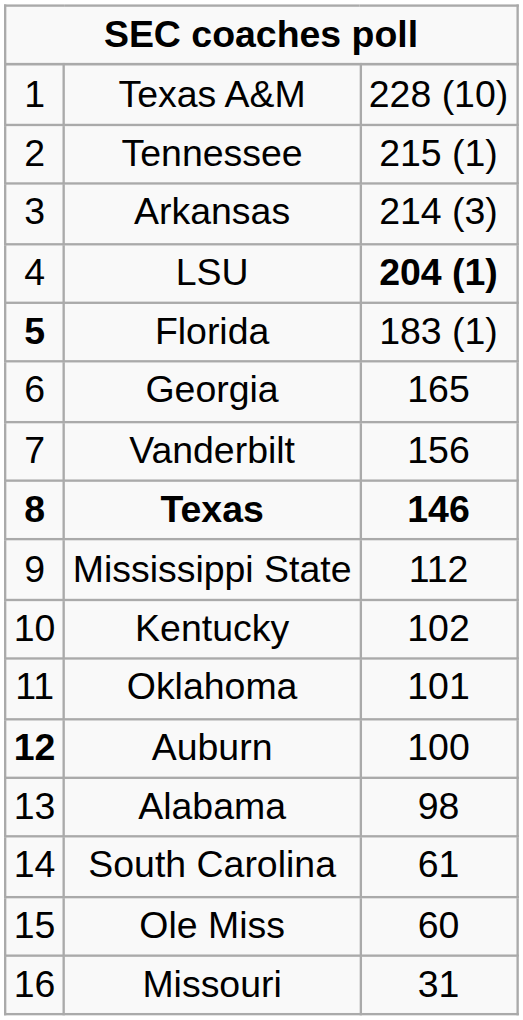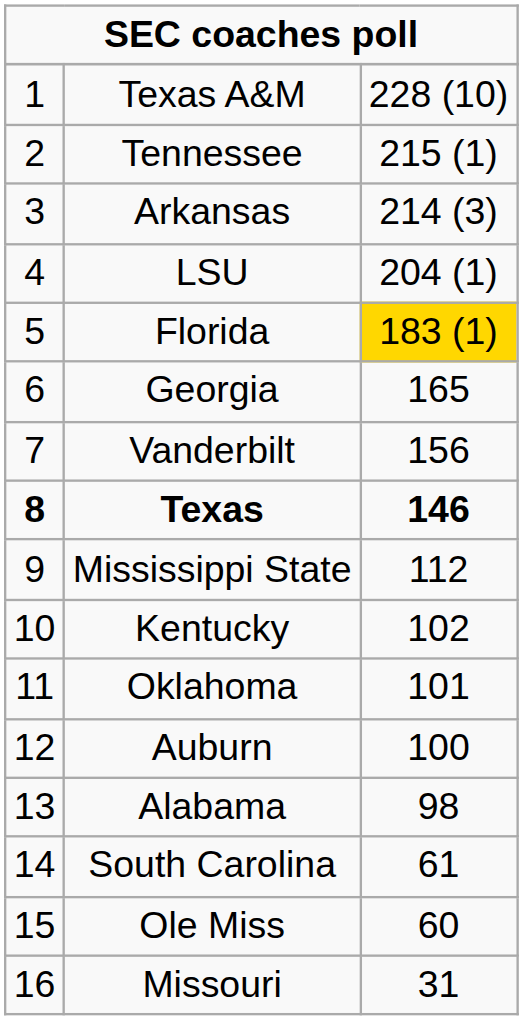 <table class="wikitable" style="display: inline-table;">
 <tr>
 <td align="center" Colspan="3"><strong>SEC coaches poll</strong></td>
 </tr>
 <tr align="center">
 </tr>
 <tr align="center">
 <td>1</td>
 <td>Texas A&M</td>
 <td>228 (10)</td>
 </tr>
 <tr align="center">
 <td>2</td>
 <td>Tennessee</td>
 <td>215 (1)</td>
 </tr>
 <tr align="center">
 <td>3</td>
 <td>Arkansas</td>
 <td>214 (3)</td>
 </tr>
 <tr align="center">
 <td>4</td>
 <td>LSU</td>
-<td><strong>204 (1)</strong></td>
+<td>204 (1)</td>
 </tr>
 <tr align="center">
-<td><strong>5</strong></td>
+<td>5</td>
 <td>Florida</td>
-<td>183 (1)</td>
+<td style="background: gold;">183 (1)</td>
 </tr>
 <tr align="center">
 <td>6</td>
 <td>Georgia</td>
 <td>165</td>
 </tr>
 <tr align="center">
 <td>7</td>
 <td>Vanderbilt</td>
 <td>156</td>
 </tr>
 <tr align="center">
 <td><strong>8</strong></td>
 <td><strong>Texas</strong></td>
 <td><strong>146</strong></td>
 </tr>
 <tr align="center">
 <td>9</td>
 <td>Mississippi State</td>
 <td>112</td>
 </tr>
 <tr align="center">
 <td>10</td>
 <td>Kentucky</td>
 <td>102</td>
 </tr>
 <tr align="center">
 <td>11</td>
 <td>Oklahoma</td>
 <td>101</td>
 </tr>
 <tr align="center">
-<td><strong>12</strong></td>
+<td>12</td>
 <td>Auburn</td>
 <td>100</td>
 </tr>
 <tr align="center">
 <td>13</td>
 <td>Alabama</td>
 <td>98</td>
 </tr>
 <tr align="center">
 <td>14</td>
 <td>South Carolina</td>
 <td>61</td>
 </tr>
 <tr align="center">
 <td>15</td>
 <td>Ole Miss</td>
 <td>60</td>
 </tr>
 <tr align="center">
 <td>16</td>
 <td>Missouri</td>
 <td>31</td>
 </tr>
 </table>
